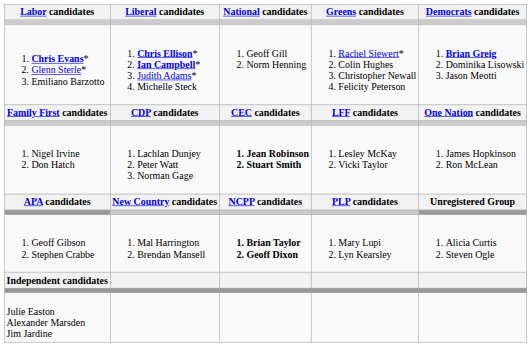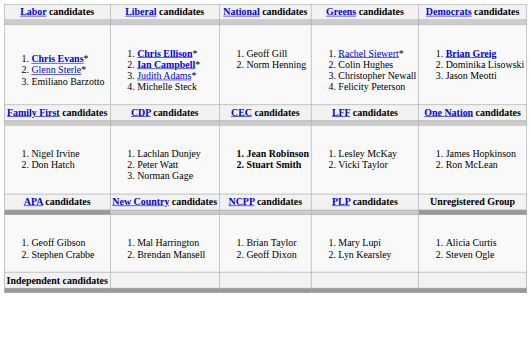 <table class="wikitable">
 <tr>
 <th><a href='#'>Labor</a> candidates</th>
 <th><a href='#'>Liberal</a> candidates</th>
 <th><a href='#'>National</a> candidates</th>
 <th><a href='#'>Greens</a> candidates</th>
 <th><a href='#'>Democrats</a> candidates</th>
 </tr>
 <tr style="background:#ccc;">
 <td></td>
 <td></td>
 <td></td>
 <td></td>
 <td></td>
 </tr>
 <tr>
 <td><br><ol><li><strong><a href='#'>Chris Evans</a></strong>*</li><li><a href='#'>Glenn Sterle</a>*</li><li>Emiliano Barzotto</li></ol></td>
 <td><br><ol><li><strong><a href='#'>Chris Ellison</a></strong>*</li><li><strong><a href='#'>Ian Campbell</a></strong>*</li><li><a href='#'>Judith Adams</a>*</li><li>Michelle Steck</li></ol></td>
 <td valign=top><br><ol><li>Geoff Gill</li><li>Norm Henning</li></ol></td>
 <td><br><ol><li><a href='#'>Rachel Siewert</a>*</li><li>Colin Hughes</li><li>Christopher Newall</li><li>Felicity Peterson</li></ol></td>
 <td valign=top><br><ol><li><strong><a href='#'>Brian Greig</a></strong></li><li>Dominika Lisowski</li><li>Jason Meotti</li></ol></td>
 </tr>
 <tr style="background:#ccc;">
 <th><a href='#'>Family First</a> candidates</th>
 <th><a href='#'>CDP</a> candidates</th>
 <th><a href='#'>CEC</a> candidates</th>
 <th><a href='#'>LFF</a> candidates</th>
 <th><a href='#'>One Nation</a> candidates</th>
 </tr>
 <tr style="background:#ccc;">
 <td></td>
 <td></td>
 <td></td>
 <td></td>
 <td></td>
 </tr>
 <tr>
 <td valign=top><br><ol><li>Nigel Irvine</li><li>Don Hatch</li></ol></td>
 <td valign=top><br><ol><li>Lachlan Dunjey</li><li>Peter Watt</li><li>Norman Gage</li></ol></td>
 <td valign=top><strong><br><ol><li>Jean Robinson</li><li>Stuart Smith</li></ol></strong></td>
 <td valign=top><br><ol><li>Lesley McKay</li><li>Vicki Taylor</li></ol></td>
 <td valign=top><br><ol><li>James Hopkinson</li><li>Ron McLean</li></ol></td>
 </tr>
 <tr style="background:#ccc;">
 <th><a href='#'>APA</a> candidates</th>
 <th><a href='#'>New Country</a> candidates</th>
 <th><a href='#'>NCPP</a> candidates</th>
 <th><a href='#'>PLP</a> candidates</th>
 <th>Unregistered Group</th>
 </tr>
 <tr style="background:#ccc;">
 <td style="background:#999;"></td>
 <td></td>
 <td></td>
 <td></td>
 <td style="background:#999;"></td>
 </tr>
 <tr>
 <td valign=top><br><ol><li>Geoff Gibson</li><li>Stephen Crabbe</li></ol></td>
 <td valign=top><br><ol><li>Mal Harrington</li><li>Brendan Mansell</li></ol></td>
-<td valign=top><strong><br><ol><li>Brian Taylor</li><li>Geoff Dixon</li></ol></strong></td>
+<td valign=top><br><ol><li>Brian Taylor</li><li>Geoff Dixon</li></ol></td>
 <td valign=top><br><ol><li>Mary Lupi</li><li>Lyn Kearsley</li></ol></td>
 <td valign=top><br><ol><li>Alicia Curtis</li><li>Steven Ogle</li></ol></td>
 </tr>
 <tr style="background:#ccc;">
 <th>Independent candidates</th>
 <th></th>
 <th></th>
 <th></th>
 <th></th>
 </tr>
 <tr style="background:#ccc; background:#999;">
 <td></td>
 <td style="background:#999;"></td>
 <td style="background:#999;"></td>
 <td style="background:#999;"></td>
 <td style="background:#999;"></td>
 </tr>
-<tr>
-<td valign=top><br>Julie Easton<br> Alexander Marsden<br> Jim Jardine</td>
-<td valign=top></td>
-<td valign=top></td>
-<td valign=top></td>
-<td valign=top></td>
-</tr>
 </table>
